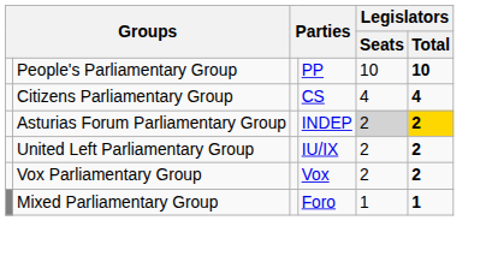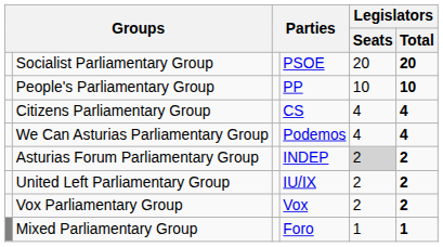 <table class="wikitable" style="text-align:left;">
 <tr>
 <th rowspan="2" colspan="2">Groups</th>
 <th rowspan="2" colspan="2">Parties</th>
 <th colspan="2">Legislators</th>
 </tr>
 <tr>
 <th>Seats</th>
 <th>Total</th>
+</tr>
+<tr>
+<td width="1" style="color:inherit;background:"></td>
+<td>Socialist Parliamentary Group</td>
+<td width="1" style="color:inherit;background:"></td>
+<td align="left"><a href='#'>PSOE</a></td>
+<td>20</td>
+<td><strong>20</strong></td>
 </tr>
 <tr>
 <td style="color:inherit;background:"></td>
 <td>People's Parliamentary Group</td>
 <td style="color:inherit;background:"></td>
 <td align="left"><a href='#'>PP</a></td>
 <td>10</td>
 <td><strong>10</strong></td>
 </tr>
 <tr>
 <td style="color:inherit;background:"></td>
 <td>Citizens Parliamentary Group</td>
 <td style="color:inherit;background:"></td>
 <td align="left"><a href='#'>CS</a></td>
 <td>4</td>
 <td><strong>4</strong></td>
 </tr>
 <tr>
 <td style="color:inherit;background:"></td>
+<td>We Can Asturias Parliamentary Group</td>
+<td style="color:inherit;background:"></td>
+<td align="left"><a href='#'>Podemos</a></td>
+<td>4</td>
+<td><strong>4</strong></td>
+</tr>
+<tr>
+<td style="color:inherit;background:"></td>
 <td>Asturias Forum Parliamentary Group</td>
 <td style="color:inherit;background:"></td>
 <td><a href='#'>INDEP</a></td>
 <td style="background: lightgrey;">2</td>
-<td style="background: gold;"><strong>2</strong></td>
+<td><strong>2</strong></td>
 </tr>
 <tr>
 <td style="color:inherit;background:"></td>
 <td>United Left Parliamentary Group</td>
 <td style="color:inherit;background:"></td>
 <td align="left"><a href='#'>IU/IX</a></td>
 <td>2</td>
 <td><strong>2</strong></td>
 </tr>
 <tr>
 <td style="color:inherit;background:"></td>
 <td>Vox Parliamentary Group</td>
 <td style="color:inherit;background:"></td>
 <td align="left"><a href='#'>Vox</a></td>
 <td>2</td>
 <td><strong>2</strong></td>
 </tr>
 <tr>
 <td bgcolor="gray"></td>
 <td>Mixed Parliamentary Group</td>
 <td style="color:inherit;background:"></td>
 <td align="left"><a href='#'>Foro</a></td>
 <td>1</td>
 <td><strong>1</strong></td>
 </tr>
 </table>
